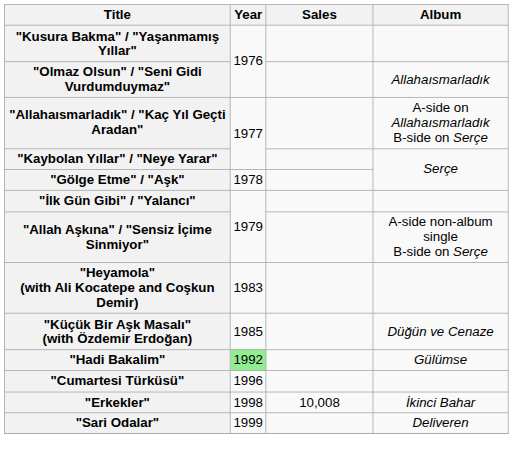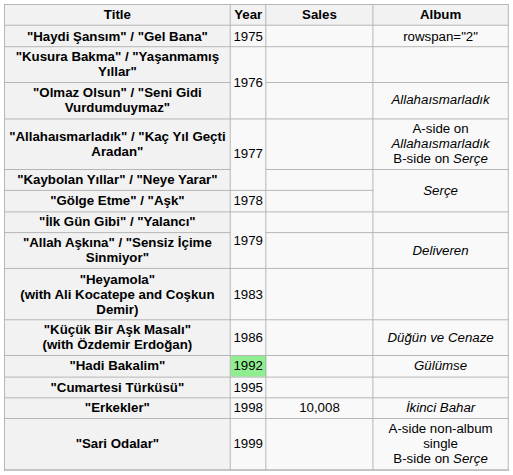 <table class="wikitable plainrowheaders" style="text-align:center;">
 <tr>
 <th scope="col" style="width:24em;">Title</th>
 <th scope="col">Year</th>
 <th scope="col" style="width:12em;">Sales</th>
 <th scope="col" style="width:12em;">Album</th>
+</tr>
+<tr>
+<th scope="row">"Haydi Şansım" / "Gel Bana"</th>
+<td>1975</td>
+<td></td>
+<td>rowspan="2" </td>
 </tr>
 <tr>
 <th scope="row">"Kusura Bakma" / "Yaşanmamış Yıllar"</th>
 <td rowspan="2">1976</td>
 <td></td>
 </tr>
 <tr>
 <th scope="row">"Olmaz Olsun" / "Seni Gidi Vurdumduymaz"</th>
 <td></td>
 <td><em>Allahaısmarladık</em></td>
 </tr>
 <tr>
 <th scope="row">"Allahaısmarladık" / "Kaç Yıl Geçti Aradan"</th>
 <td rowspan="2">1977</td>
 <td></td>
 <td>A-side on <em>Allahaısmarladık</em><br>B-side on <em>Serçe</em></td>
 </tr>
 <tr>
 <th scope="row">"Kaybolan Yıllar" / "Neye Yarar"</th>
 <td></td>
 <td rowspan="2"><em>Serçe</em></td>
 </tr>
 <tr>
 <th scope="row">"Gölge Etme" / "Aşk"</th>
 <td>1978</td>
 <td></td>
 </tr>
 <tr>
 <th scope="row">"İlk Gün Gibi" / "Yalancı"</th>
 <td rowspan="2">1979</td>
 <td></td>
 <td></td>
 </tr>
 <tr>
 <th scope="row">"Allah Aşkına" / "Sensiz İçime Sinmiyor"</th>
 <td></td>
-<td>A-side non-album single<br>B-side on <em>Serçe</em></td>
+<td><em>Deliveren</em></td>
 </tr>
 <tr>
 <th scope="row">"Heyamola"<br><span>(with Ali Kocatepe and Coşkun Demir)</span></th>
 <td>1983</td>
 <td></td>
 <td></td>
 </tr>
 <tr>
 <th scope="row">"Küçük Bir Aşk Masalı"<br><span>(with Özdemir Erdoğan)</span></th>
-<td>1985</td>
+<td>1986</td>
 <td></td>
 <td><em>Düğün ve Cenaze</em></td>
 </tr>
 <tr>
 <th scope="row">"Hadi Bakalim"</th>
 <td style="background: lightgreen;">1992</td>
 <td></td>
 <td><em>Gülümse</em></td>
 </tr>
 <tr>
 <th scope="row">"Cumartesi Türküsü"</th>
-<td>1996</td>
+<td>1995</td>
 <td></td>
 <td></td>
 </tr>
 <tr>
 <th scope="row">"Erkekler"</th>
 <td>1998</td>
 <td>10,008</td>
 <td><em>İkinci Bahar</em></td>
 </tr>
 <tr>
 <th scope="row">"Sari Odalar"</th>
 <td>1999</td>
 <td></td>
-<td><em>Deliveren</em></td>
+<td>A-side non-album single<br>B-side on <em>Serçe</em></td>
 </tr>
 <tr>
 </tr>
 </table>
